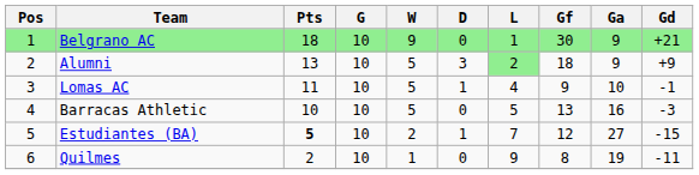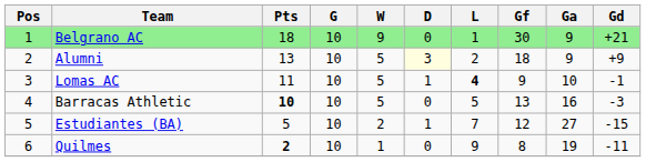 <table class="wikitable" style="text-align:center">
 <tr>
 <th width=40px>Pos</th>
 <th width=200px>Team</th>
 <th width=40px>Pts</th>
 <th width=40px>G</th>
 <th width=40px>W</th>
 <th width=40px>D</th>
 <th width=40px>L</th>
 <th width=40px>Gf</th>
 <th width=40px>Ga</th>
 <th width=40px>Gd</th>
 </tr>
 <tr align=center bgcolor="lightgreen">
 <td>1</td>
 <td align=left><a href='#'>Belgrano AC</a></td>
 <td>18</td>
 <td>10</td>
 <td>9</td>
 <td>0</td>
 <td>1</td>
 <td>30</td>
 <td>9</td>
 <td>+21</td>
 </tr>
 <tr>
 <td>2</td>
 <td align=left><a href='#'>Alumni</a></td>
 <td>13</td>
 <td>10</td>
 <td>5</td>
-<td>3</td>
-<td style="background: lightgreen;">2</td>
+<td style="background: lightyellow;">3</td>
+<td>2</td>
 <td>18</td>
 <td>9</td>
 <td>+9</td>
 </tr>
 <tr>
 <td>3</td>
 <td align=left><a href='#'>Lomas AC</a></td>
 <td>11</td>
 <td>10</td>
 <td>5</td>
 <td>1</td>
-<td>4</td>
+<td><strong>4</strong></td>
 <td>9</td>
 <td>10</td>
 <td>-1</td>
 </tr>
 <tr>
 <td>4</td>
 <td align=left>Barracas Athletic</td>
-<td>10</td>
+<td><strong>10</strong></td>
 <td>10</td>
 <td>5</td>
 <td>0</td>
 <td>5</td>
 <td>13</td>
 <td>16</td>
 <td>-3</td>
 </tr>
 <tr>
 <td>5</td>
 <td align=left><a href='#'>Estudiantes (BA)</a></td>
-<td><strong>5</strong></td>
+<td>5</td>
 <td>10</td>
 <td>2</td>
 <td>1</td>
 <td>7</td>
 <td>12</td>
 <td>27</td>
 <td>-15</td>
 </tr>
 <tr>
 <td>6</td>
 <td align=left><a href='#'>Quilmes</a></td>
-<td>2</td>
+<td><strong>2</strong></td>
 <td>10</td>
 <td>1</td>
 <td>0</td>
 <td>9</td>
 <td>8</td>
 <td>19</td>
 <td>-11</td>
 </tr>
 <tr>
 </tr>
 </table>
